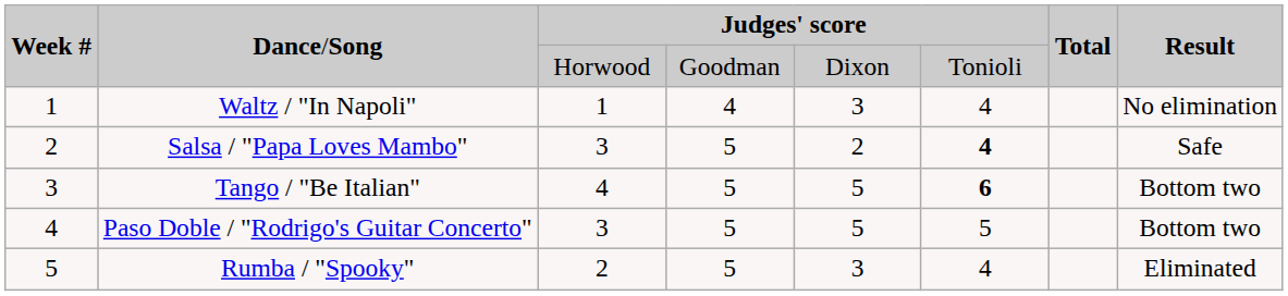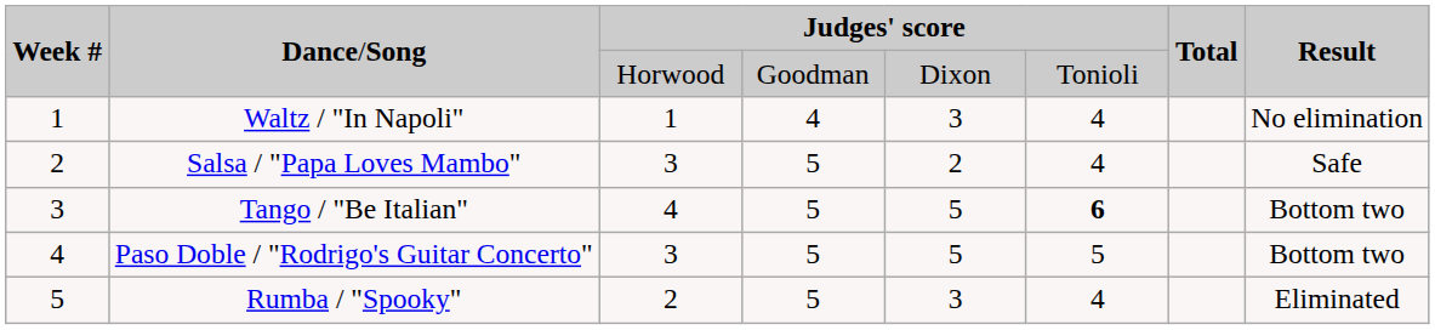 <table class="wikitable" style="margin:left;">
 <tr style="text-align:Center; background:#ccc;">
 <td rowspan="2"><strong>Week #</strong></td>
 <td rowspan="2"><strong>Dance</strong>/<strong>Song</strong></td>
 <td colspan="4"><strong>Judges' score</strong></td>
 <td rowspan="2"><strong>Total</strong></td>
 <td rowspan="2"><strong>Result</strong></td>
 </tr>
 <tr style="text-align:center; background:#ccc;">
 <td style="width:10%; ">Horwood</td>
 <td style="width:10%; ">Goodman</td>
 <td style="width:10%; ">Dixon</td>
 <td style="width:10%; ">Tonioli</td>
 </tr>
 <tr style="text-align:center; background:#faf6f6;">
 <td>1</td>
 <td><a href='#'>Waltz</a> / "In Napoli"</td>
 <td>1</td>
 <td>4</td>
 <td>3</td>
 <td>4</td>
 <td></td>
 <td>No elimination</td>
 </tr>
 <tr style="text-align:center; background:#faf6f6;">
 <td>2</td>
 <td><a href='#'>Salsa</a> / "<a href='#'>Papa Loves Mambo</a>"</td>
 <td>3</td>
 <td>5</td>
 <td>2</td>
-<td><strong>4</strong></td>
+<td>4</td>
 <td></td>
 <td>Safe</td>
 </tr>
 <tr style="text-align:center; background:#faf6f6;">
 <td>3</td>
 <td><a href='#'>Tango</a> / "Be Italian"</td>
 <td>4</td>
 <td>5</td>
 <td>5</td>
 <td><strong>6</strong></td>
 <td></td>
 <td>Bottom two</td>
 </tr>
 <tr style="text-align:center; background:#faf6f6;">
 <td>4</td>
 <td><a href='#'>Paso Doble</a> / "<a href='#'>Rodrigo's Guitar Concerto</a>"</td>
 <td>3</td>
 <td>5</td>
 <td>5</td>
 <td>5</td>
 <td></td>
 <td>Bottom two</td>
 </tr>
 <tr style="text-align:center; background:#faf6f6;">
 <td>5</td>
 <td><a href='#'>Rumba</a> / "<a href='#'>Spooky</a>"</td>
 <td>2</td>
 <td>5</td>
 <td>3</td>
 <td>4</td>
 <td></td>
 <td>Eliminated</td>
 </tr>
 </table>
